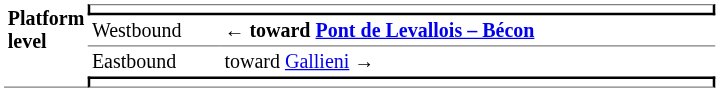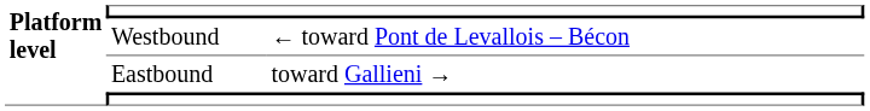 <table border=0 cellspacing=0 cellpadding=3>
 <tr>
 <td style="border-bottom:solid 1px gray;" width=50 rowspan=10 valign=top><strong>Platform level</strong></td>
 <td style="border-top:solid 1px gray;border-right:solid 2px black;border-left:solid 2px black;border-bottom:solid 2px black;text-align:center;" colspan=2></td>
 </tr>
 <tr>
 <td style="border-bottom:solid 1px gray;" width=100>Westbound</td>
-<td style="border-bottom:solid 1px gray;" width=390><strong>←   toward <a href='#'>Pont de Levallois – Bécon</a> </strong></td>
+<td style="border-bottom:solid 1px gray;" width=390>←   toward <a href='#'>Pont de Levallois – Bécon</a> </td>
 </tr>
 <tr>
 <td>Eastbound</td>
 <td>   toward <a href='#'>Gallieni</a>  →</td>
 </tr>
 <tr>
 <td style="border-top:solid 2px black;border-right:solid 2px black;border-left:solid 2px black;border-bottom:solid 1px gray;text-align:center;" colspan=2></td>
 </tr>
 </table>
